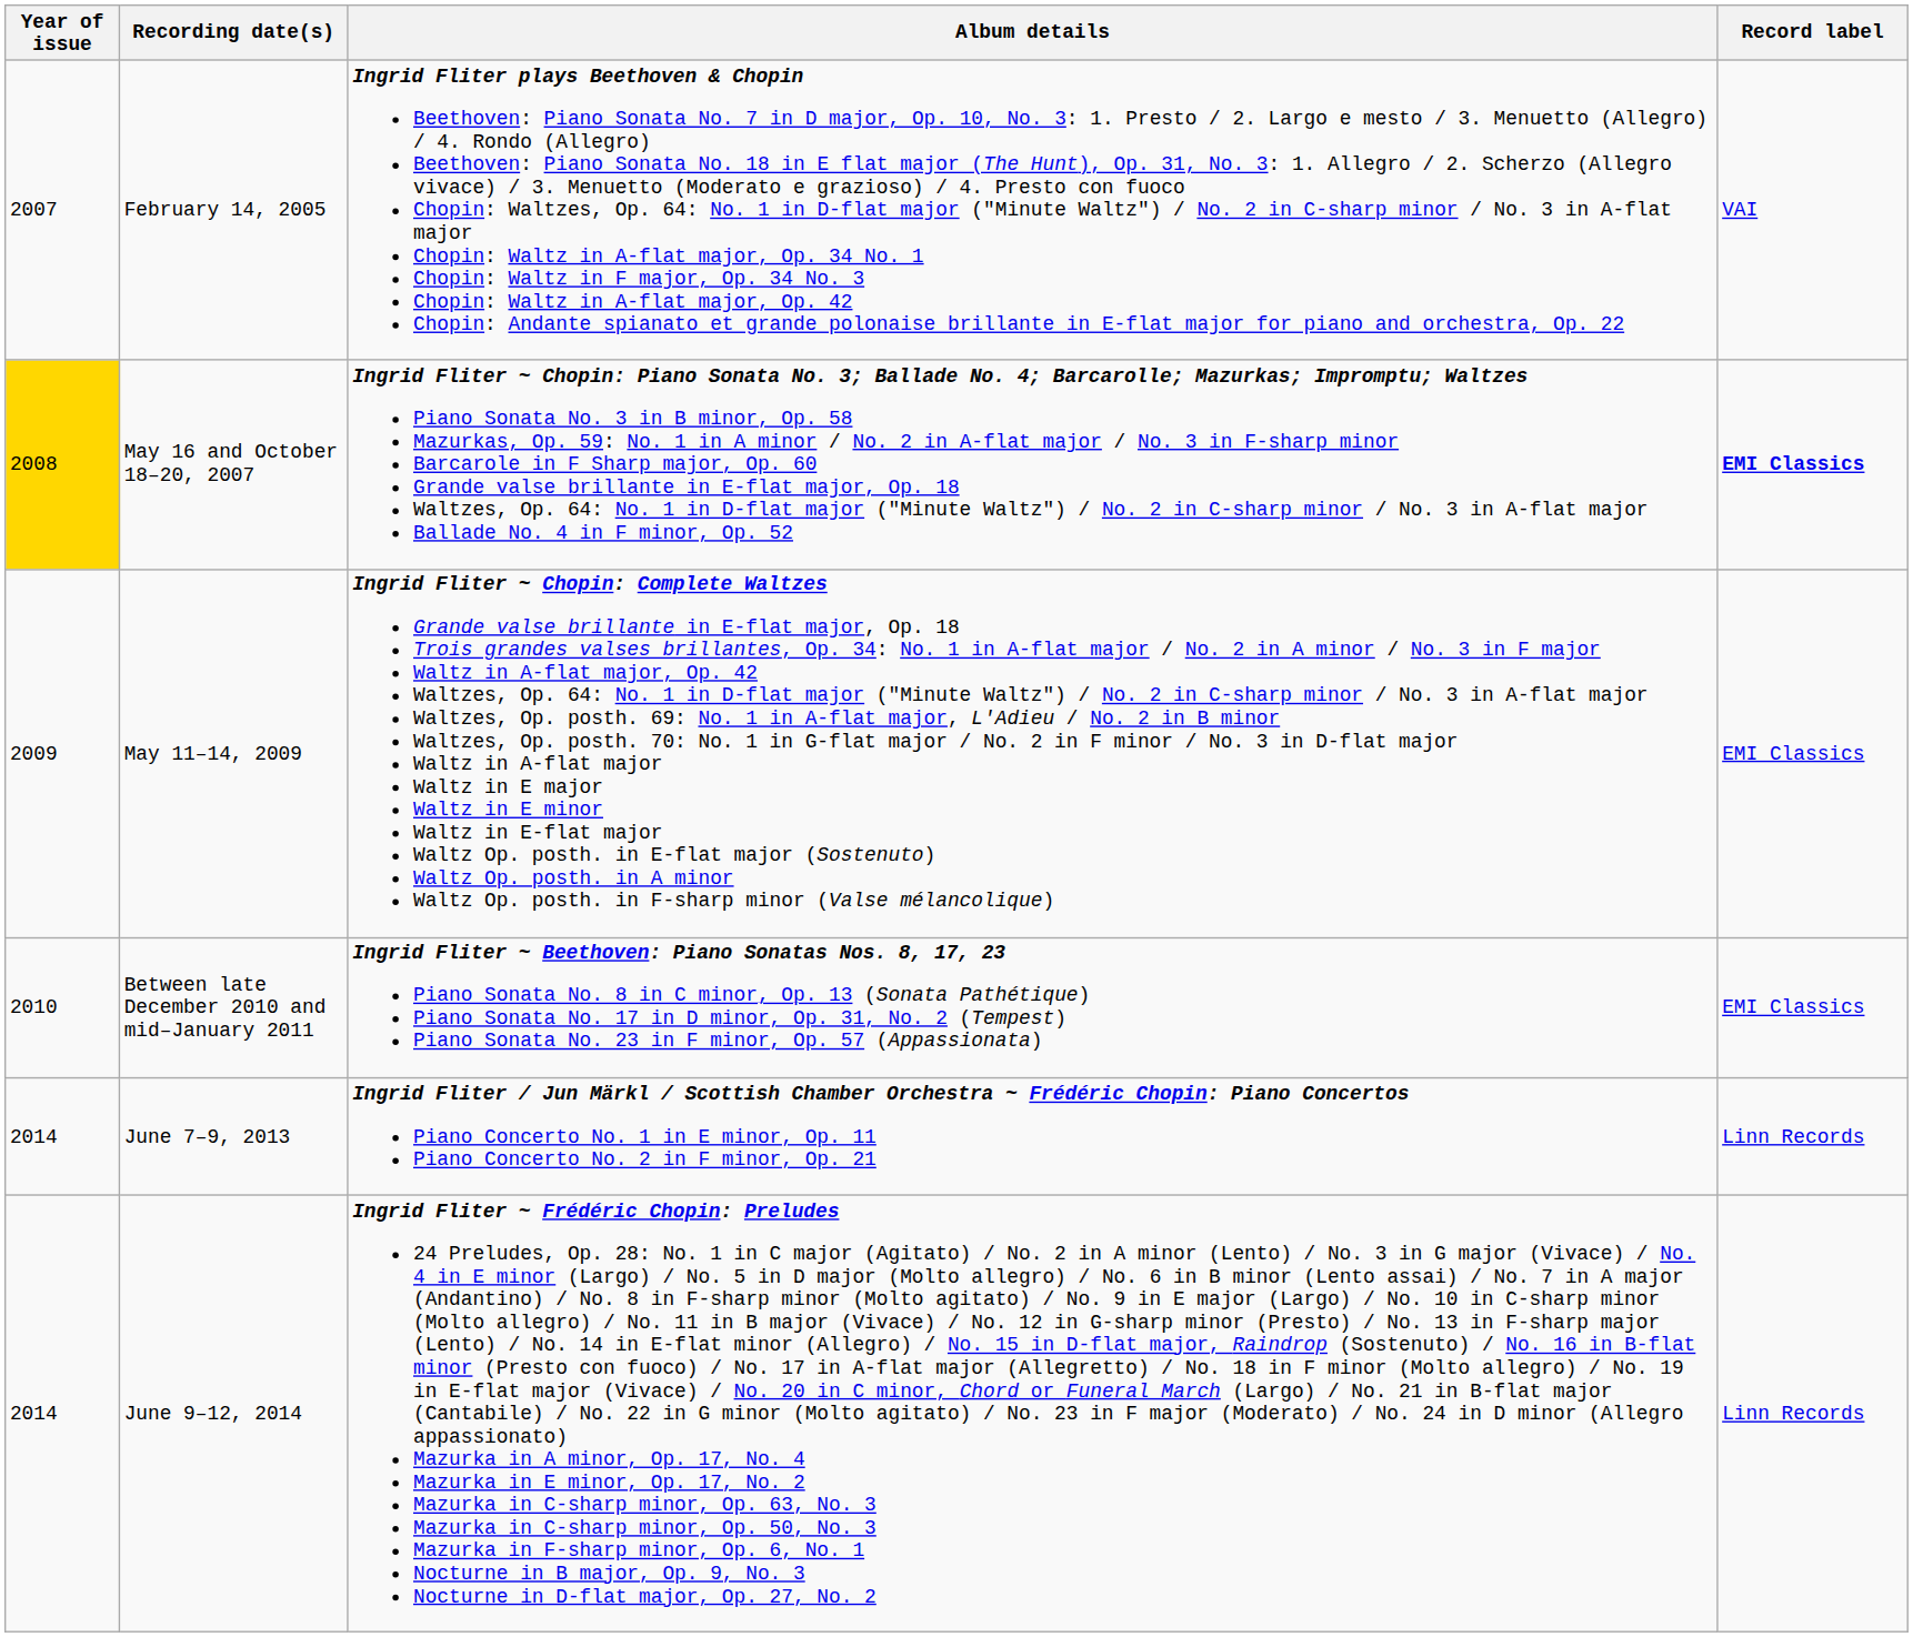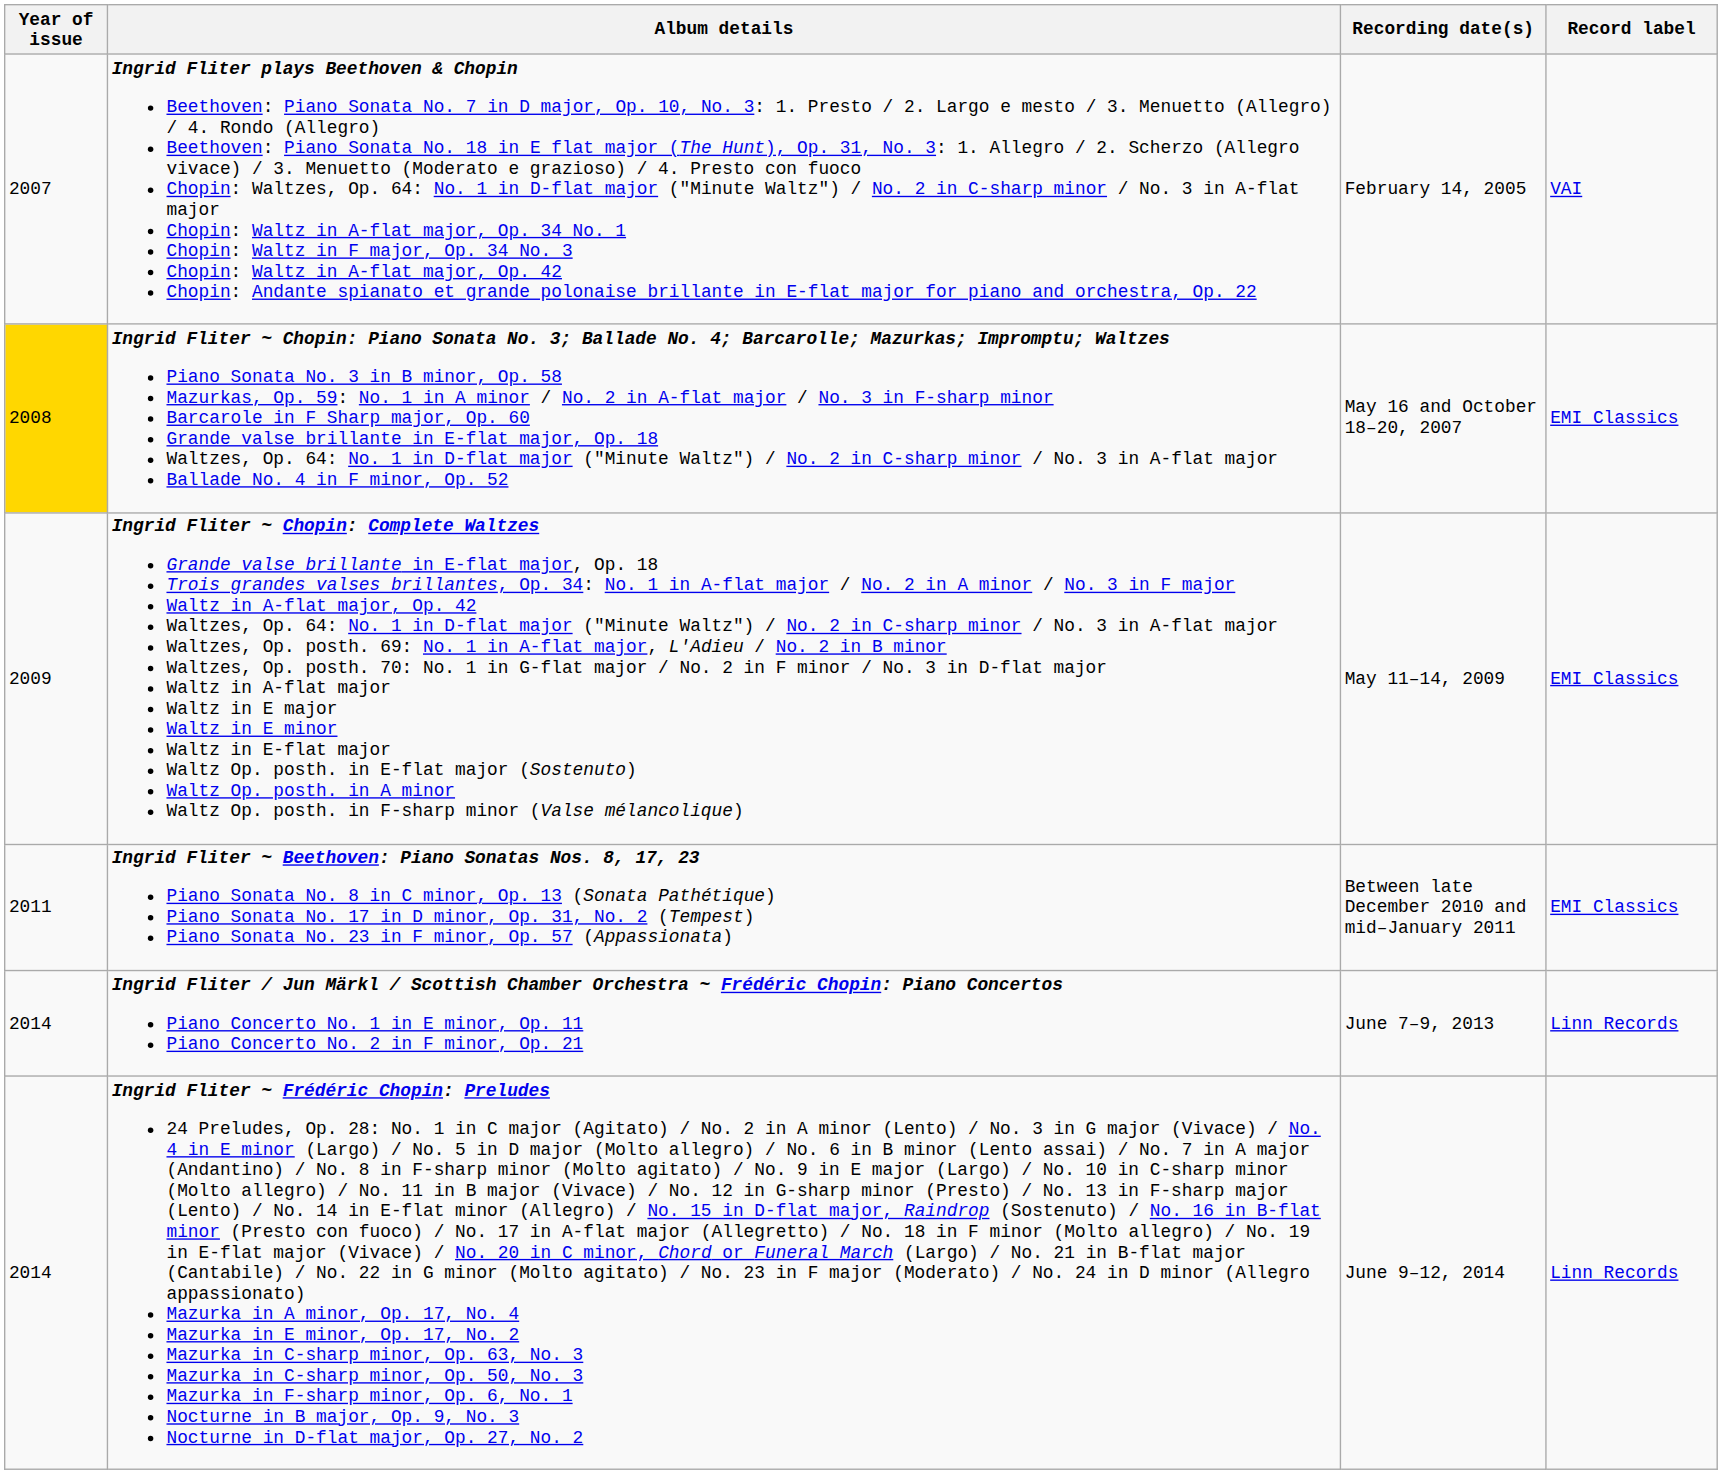 <table class="wikitable sortable">
 <tr>
 <th style="width:6%;">Year of issue</th>
+<th style="width:72%;">Album details</th>
 <th style="width:12%;">Recording date(s)</th>
-<th style="width:72%;">Album details</th>
 <th style="width:10%;">Record label</th>
 </tr>
 <tr>
 <td>2007</td>
+<td><strong><em>Ingrid Fliter plays Beethoven & Chopin</em></strong><br><ul><li><a href='#'>Beethoven</a>: <a href='#'>Piano Sonata No. 7 in D major, Op. 10, No. 3</a>: 1. Presto / 2. Largo e mesto / 3. Menuetto (Allegro) / 4. Rondo (Allegro)</li><li><a href='#'>Beethoven</a>: <a href='#'>Piano Sonata No. 18 in E flat major (<em>The Hunt</em>), Op. 31, No. 3</a>: 1. Allegro / 2. Scherzo (Allegro vivace) / 3. Menuetto (Moderato e grazioso) / 4. Presto con fuoco</li><li><a href='#'>Chopin</a>: Waltzes, Op. 64: <a href='#'>No. 1 in D-flat major</a> ("Minute Waltz") / <a href='#'>No. 2 in C-sharp minor</a> / No. 3 in A-flat major</li><li><a href='#'>Chopin</a>: <a href='#'>Waltz in A-flat major, Op. 34 No. 1</a></li><li><a href='#'>Chopin</a>: <a href='#'>Waltz in F major, Op. 34 No. 3</a></li><li><a href='#'>Chopin</a>: <a href='#'>Waltz in A-flat major, Op. 42</a></li><li><a href='#'>Chopin</a>: <a href='#'>Andante spianato et grande polonaise brillante in E-flat major for piano and orchestra, Op. 22</a></li></ul></td>
 <td>February 14, 2005</td>
-<td><strong><em>Ingrid Fliter plays Beethoven & Chopin</em></strong><br><ul><li><a href='#'>Beethoven</a>: <a href='#'>Piano Sonata No. 7 in D major, Op. 10, No. 3</a>: 1. Presto / 2. Largo e mesto / 3. Menuetto (Allegro) / 4. Rondo (Allegro)</li><li><a href='#'>Beethoven</a>: <a href='#'>Piano Sonata No. 18 in E flat major (<em>The Hunt</em>), Op. 31, No. 3</a>: 1. Allegro / 2. Scherzo (Allegro vivace) / 3. Menuetto (Moderato e grazioso) / 4. Presto con fuoco</li><li><a href='#'>Chopin</a>: Waltzes, Op. 64: <a href='#'>No. 1 in D-flat major</a> ("Minute Waltz") / <a href='#'>No. 2 in C-sharp minor</a> / No. 3 in A-flat major</li><li><a href='#'>Chopin</a>: <a href='#'>Waltz in A-flat major, Op. 34 No. 1</a></li><li><a href='#'>Chopin</a>: <a href='#'>Waltz in F major, Op. 34 No. 3</a></li><li><a href='#'>Chopin</a>: <a href='#'>Waltz in A-flat major, Op. 42</a></li><li><a href='#'>Chopin</a>: <a href='#'>Andante spianato et grande polonaise brillante in E-flat major for piano and orchestra, Op. 22</a></li></ul></td>
 <td><a href='#'>VAI</a></td>
 </tr>
 <tr>
 <td style="background: gold;">2008</td>
+<td><strong><em>Ingrid Fliter ~ Chopin: Piano Sonata No. 3; Ballade No. 4; Barcarolle; Mazurkas; Impromptu; Waltzes</em></strong><br><ul><li><a href='#'>Piano Sonata No. 3 in B minor, Op. 58</a></li><li><a href='#'>Mazurkas, Op. 59</a>: <a href='#'>No. 1 in A minor</a> / <a href='#'>No. 2 in A-flat major</a> / <a href='#'>No. 3 in F-sharp minor</a></li><li><a href='#'>Barcarole in F Sharp major, Op. 60</a></li><li><a href='#'>Grande valse brillante in E-flat major, Op. 18</a></li><li>Waltzes, Op. 64: <a href='#'>No. 1 in D-flat major</a> ("Minute Waltz") / <a href='#'>No. 2 in C-sharp minor</a> / No. 3 in A-flat major</li><li><a href='#'>Ballade No. 4 in F minor, Op. 52</a></li></ul></td>
 <td>May 16 and October 18–20, 2007</td>
-<td><strong><em>Ingrid Fliter ~ Chopin: Piano Sonata No. 3; Ballade No. 4; Barcarolle; Mazurkas; Impromptu; Waltzes</em></strong><br><ul><li><a href='#'>Piano Sonata No. 3 in B minor, Op. 58</a></li><li><a href='#'>Mazurkas, Op. 59</a>: <a href='#'>No. 1 in A minor</a> / <a href='#'>No. 2 in A-flat major</a> / <a href='#'>No. 3 in F-sharp minor</a></li><li><a href='#'>Barcarole in F Sharp major, Op. 60</a></li><li><a href='#'>Grande valse brillante in E-flat major, Op. 18</a></li><li>Waltzes, Op. 64: <a href='#'>No. 1 in D-flat major</a> ("Minute Waltz") / <a href='#'>No. 2 in C-sharp minor</a> / No. 3 in A-flat major</li><li><a href='#'>Ballade No. 4 in F minor, Op. 52</a></li></ul></td>
-<td><strong><a href='#'>EMI Classics</a></strong></td>
+<td><a href='#'>EMI Classics</a></td>
 </tr>
 <tr>
 <td>2009</td>
+<td><strong><em>Ingrid Fliter ~ <a href='#'>Chopin</a>: <a href='#'>Complete Waltzes</a></em></strong><br><ul><li><a href='#'><em>Grande valse brillante</em> in E-flat major</a>, Op. 18</li><li><a href='#'><em>Trois grandes valses brillantes</em>, Op. 34</a>: <a href='#'>No. 1 in A-flat major</a> / <a href='#'>No. 2 in A minor</a> / <a href='#'>No. 3 in F major</a></li><li><a href='#'>Waltz in A-flat major, Op. 42</a></li><li>Waltzes, Op. 64: <a href='#'>No. 1 in D-flat major</a> ("Minute Waltz") / <a href='#'>No. 2 in C-sharp minor</a> / No. 3 in A-flat major</li><li>Waltzes, Op. posth. 69: <a href='#'>No. 1 in A-flat major</a>, <em>L'Adieu</em> / <a href='#'>No. 2 in B minor</a></li><li>Waltzes, Op. posth. 70: No. 1 in G-flat major / No. 2 in F minor / No. 3 in D-flat major</li><li>Waltz in A-flat major</li><li>Waltz in E major</li><li><a href='#'>Waltz in E minor</a></li><li>Waltz in E-flat major</li><li>Waltz Op. posth. in E-flat major (<em>Sostenuto</em>)</li><li><a href='#'>Waltz Op. posth. in A minor</a></li><li>Waltz Op. posth. in F-sharp minor (<em>Valse mélancolique</em>)</li></ul></td>
 <td>May 11–14, 2009</td>
-<td><strong><em>Ingrid Fliter ~ <a href='#'>Chopin</a>: <a href='#'>Complete Waltzes</a></em></strong><br><ul><li><a href='#'><em>Grande valse brillante</em> in E-flat major</a>, Op. 18</li><li><a href='#'><em>Trois grandes valses brillantes</em>, Op. 34</a>: <a href='#'>No. 1 in A-flat major</a> / <a href='#'>No. 2 in A minor</a> / <a href='#'>No. 3 in F major</a></li><li><a href='#'>Waltz in A-flat major, Op. 42</a></li><li>Waltzes, Op. 64: <a href='#'>No. 1 in D-flat major</a> ("Minute Waltz") / <a href='#'>No. 2 in C-sharp minor</a> / No. 3 in A-flat major</li><li>Waltzes, Op. posth. 69: <a href='#'>No. 1 in A-flat major</a>, <em>L'Adieu</em> / <a href='#'>No. 2 in B minor</a></li><li>Waltzes, Op. posth. 70: No. 1 in G-flat major / No. 2 in F minor / No. 3 in D-flat major</li><li>Waltz in A-flat major</li><li>Waltz in E major</li><li><a href='#'>Waltz in E minor</a></li><li>Waltz in E-flat major</li><li>Waltz Op. posth. in E-flat major (<em>Sostenuto</em>)</li><li><a href='#'>Waltz Op. posth. in A minor</a></li><li>Waltz Op. posth. in F-sharp minor (<em>Valse mélancolique</em>)</li></ul></td>
 <td><a href='#'>EMI Classics</a></td>
 </tr>
 <tr>
-<td>2010</td>
+<td>2011</td>
+<td><strong><em>Ingrid Fliter ~ <a href='#'>Beethoven</a>: Piano Sonatas Nos. 8, 17, 23</em></strong><br><ul><li><a href='#'>Piano Sonata No. 8 in C minor, Op. 13</a> (<em>Sonata Pathétique</em>)</li><li><a href='#'>Piano Sonata No. 17 in D minor, Op. 31, No. 2</a> (<em>Tempest</em>)</li><li><a href='#'>Piano Sonata No. 23 in F minor, Op. 57</a> (<em>Appassionata</em>)</li></ul></td>
 <td>Between late December 2010 and mid–January 2011</td>
-<td><strong><em>Ingrid Fliter ~ <a href='#'>Beethoven</a>: Piano Sonatas Nos. 8, 17, 23</em></strong><br><ul><li><a href='#'>Piano Sonata No. 8 in C minor, Op. 13</a> (<em>Sonata Pathétique</em>)</li><li><a href='#'>Piano Sonata No. 17 in D minor, Op. 31, No. 2</a> (<em>Tempest</em>)</li><li><a href='#'>Piano Sonata No. 23 in F minor, Op. 57</a> (<em>Appassionata</em>)</li></ul></td>
 <td><a href='#'>EMI Classics</a></td>
 </tr>
 <tr>
 <td>2014</td>
+<td><strong><em>Ingrid Fliter / Jun Märkl / Scottish Chamber Orchestra ~ <a href='#'>Frédéric Chopin</a>: Piano Concertos</em></strong><br><ul><li><a href='#'>Piano Concerto No. 1 in E minor, Op. 11</a></li><li><a href='#'>Piano Concerto No. 2 in F minor, Op. 21</a></li></ul></td>
 <td>June 7–9, 2013</td>
-<td><strong><em>Ingrid Fliter / Jun Märkl / Scottish Chamber Orchestra ~ <a href='#'>Frédéric Chopin</a>: Piano Concertos</em></strong><br><ul><li><a href='#'>Piano Concerto No. 1 in E minor, Op. 11</a></li><li><a href='#'>Piano Concerto No. 2 in F minor, Op. 21</a></li></ul></td>
 <td><a href='#'>Linn Records</a></td>
 </tr>
 <tr>
 <td>2014</td>
+<td><strong><em>Ingrid Fliter ~ <a href='#'>Frédéric Chopin</a>: <a href='#'>Preludes</a></em></strong><br><ul><li>24 Preludes, Op. 28: No. 1 in C major (Agitato) / No. 2 in A minor (Lento) / No. 3 in G major (Vivace) / <a href='#'>No. 4 in E minor</a> (Largo) / No. 5 in D major (Molto allegro) / No. 6 in B minor (Lento assai) / No. 7 in A major (Andantino) / No. 8 in F-sharp minor (Molto agitato) / No. 9 in E major (Largo) / No. 10 in C-sharp minor (Molto allegro) / No. 11 in B major (Vivace) / No. 12 in G-sharp minor (Presto) / No. 13 in F-sharp major (Lento) / No. 14 in E-flat minor (Allegro) / <a href='#'>No. 15 in D-flat major, <em>Raindrop</em></a> (Sostenuto) / <a href='#'>No. 16 in B-flat minor</a> (Presto con fuoco) / No. 17 in A-flat major (Allegretto) / No. 18 in F minor (Molto allegro) / No. 19 in E-flat major (Vivace) / <a href='#'>No. 20 in C minor, <em>Chord</em> or <em>Funeral March</em></a> (Largo) / No. 21 in B-flat major (Cantabile) / No. 22 in G minor (Molto agitato) / No. 23 in F major (Moderato) / No. 24 in D minor (Allegro appassionato)</li><li><a href='#'>Mazurka in A minor, Op. 17, No. 4</a></li><li><a href='#'>Mazurka in E minor, Op. 17, No. 2</a></li><li><a href='#'>Mazurka in C-sharp minor, Op. 63, No. 3</a></li><li><a href='#'>Mazurka in C-sharp minor, Op. 50, No. 3</a></li><li><a href='#'>Mazurka in F-sharp minor, Op. 6, No. 1</a></li><li><a href='#'>Nocturne in B major, Op. 9, No. 3</a></li><li><a href='#'>Nocturne in D-flat major, Op. 27, No. 2</a></li></ul></td>
 <td>June 9–12, 2014</td>
-<td><strong><em>Ingrid Fliter ~ <a href='#'>Frédéric Chopin</a>: <a href='#'>Preludes</a></em></strong><br><ul><li>24 Preludes, Op. 28: No. 1 in C major (Agitato) / No. 2 in A minor (Lento) / No. 3 in G major (Vivace) / <a href='#'>No. 4 in E minor</a> (Largo) / No. 5 in D major (Molto allegro) / No. 6 in B minor (Lento assai) / No. 7 in A major (Andantino) / No. 8 in F-sharp minor (Molto agitato) / No. 9 in E major (Largo) / No. 10 in C-sharp minor (Molto allegro) / No. 11 in B major (Vivace) / No. 12 in G-sharp minor (Presto) / No. 13 in F-sharp major (Lento) / No. 14 in E-flat minor (Allegro) / <a href='#'>No. 15 in D-flat major, <em>Raindrop</em></a> (Sostenuto) / <a href='#'>No. 16 in B-flat minor</a> (Presto con fuoco) / No. 17 in A-flat major (Allegretto) / No. 18 in F minor (Molto allegro) / No. 19 in E-flat major (Vivace) / <a href='#'>No. 20 in C minor, <em>Chord</em> or <em>Funeral March</em></a> (Largo) / No. 21 in B-flat major (Cantabile) / No. 22 in G minor (Molto agitato) / No. 23 in F major (Moderato) / No. 24 in D minor (Allegro appassionato)</li><li><a href='#'>Mazurka in A minor, Op. 17, No. 4</a></li><li><a href='#'>Mazurka in E minor, Op. 17, No. 2</a></li><li><a href='#'>Mazurka in C-sharp minor, Op. 63, No. 3</a></li><li><a href='#'>Mazurka in C-sharp minor, Op. 50, No. 3</a></li><li><a href='#'>Mazurka in F-sharp minor, Op. 6, No. 1</a></li><li><a href='#'>Nocturne in B major, Op. 9, No. 3</a></li><li><a href='#'>Nocturne in D-flat major, Op. 27, No. 2</a></li></ul></td>
 <td><a href='#'>Linn Records</a></td>
 </tr>
 </table>
